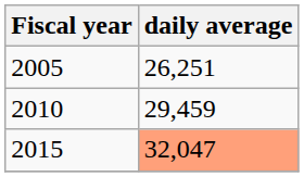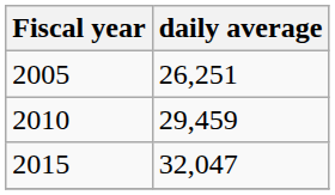 <table class="wikitable">
 <tr>
 <th>Fiscal year</th>
 <th>daily average</th>
 </tr>
 <tr>
 <td>2005</td>
 <td>26,251</td>
 </tr>
 <tr>
 <td>2010</td>
 <td>29,459</td>
 </tr>
 <tr>
 <td>2015</td>
-<td style="background: lightsalmon;">32,047</td>
+<td>32,047</td>
 </tr>
 <tr>
 </tr>
 </table>
